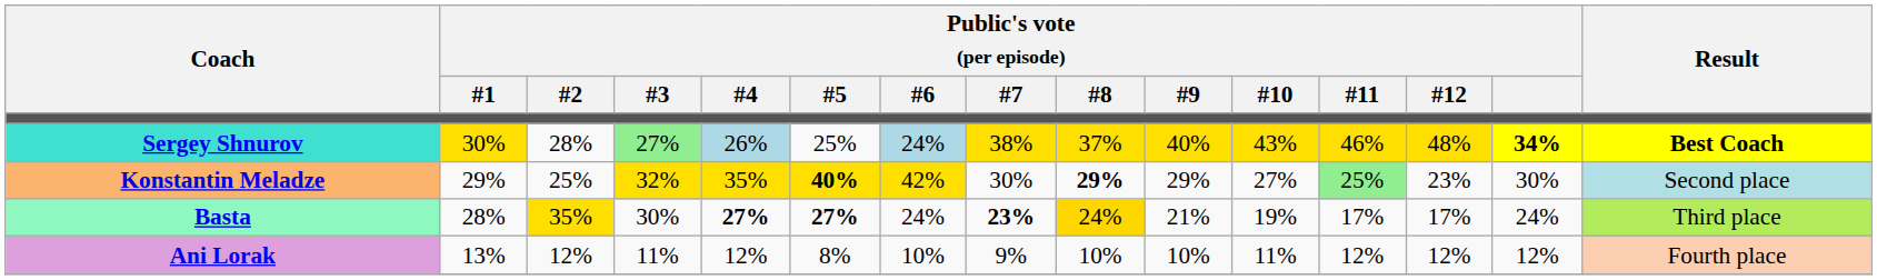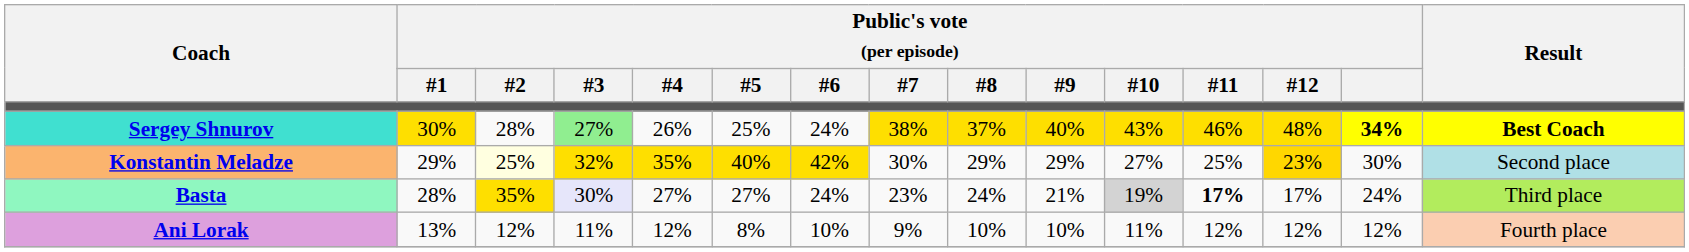 <table class="wikitable sortable" style="text-align:center; width:100%;">
 <tr>
 <th rowspan=2 style="width:15%;">Coach</th>
 <th colspan=13 style="width:10%;">Public's vote<br><sub>(per episode)</sub></th>
 <th rowspan=2 style="width:10%;">Result</th>
 </tr>
 <tr>
 <th style="width:3%;">#1</th>
 <th style="width:3%;">#2</th>
 <th style="width:3%;">#3</th>
 <th style="width:3%;">#4</th>
 <th style="width:3%;">#5</th>
 <th style="width:3%;">#6</th>
 <th style="width:3%;">#7</th>
 <th style="width:3%;">#8</th>
 <th style="width:3%;">#9</th>
 <th style="width:3%;">#10</th>
 <th style="width:3%;">#11</th>
 <th style="width:3%;">#12</th>
 <th style="width:3%;"></th>
 </tr>
 <tr>
 <td colspan="16" style="background:#555;"></td>
 </tr>
 <tr>
 <th style="background:turquoise;"><a href='#'>Sergey Shnurov</a></th>
 <td style="background:#fedf00;">30%</td>
 <td>28%</td>
 <td style="background: lightgreen;">27%</td>
-<td style="background: lightblue;">26%</td>
+<td>26%</td>
 <td>25%</td>
-<td style="background: lightblue;">24%</td>
+<td>24%</td>
 <td style="background:#fedf00;">38%</td>
 <td style="background:#fedf00;">37%</td>
 <td style="background:#fedf00;">40%</td>
 <td style="background:#fedf00;">43%</td>
 <td style="background:#fedf00;">46%</td>
 <td style="background:#fedf00;">48%</td>
 <td style="background:yellow;"><strong>34%</strong></td>
 <td style="background:yellow;"><strong>Best Coach</strong></td>
 </tr>
 <tr>
 <th style="background:#fbb46e;"><a href='#'>Konstantin Meladze</a></th>
 <td>29%</td>
-<td>25%</td>
+<td style="background: lightyellow;">25%</td>
 <td style="background:#fedf00;">32%</td>
 <td style="background:#fedf00;">35%</td>
-<td style="background:#fedf00;"><strong>40%</strong></td>
+<td style="background:#fedf00;">40%</td>
 <td style="background:#fedf00;">42%</td>
 <td>30%</td>
-<td><strong>29%</strong></td>
+<td>29%</td>
 <td>29%</td>
 <td>27%</td>
-<td style="background: lightgreen;">25%</td>
-<td>23%</td>
+<td>25%</td>
+<td style="background: gold;">23%</td>
 <td>30%</td>
 <td style="background:#B0E0E6;">Second place</td>
 </tr>
 <tr>
 <th style="background:#8ff7c0;"><a href='#'>Basta</a></th>
 <td>28%</td>
 <td style="background:#fedf00;">35%</td>
-<td>30%</td>
-<td><strong>27%</strong></td>
-<td><strong>27%</strong></td>
+<td style="background: lavender;">30%</td>
+<td>27%</td>
+<td>27%</td>
 <td>24%</td>
-<td><strong>23%</strong></td>
-<td style="background: gold;">24%</td>
+<td>23%</td>
+<td>24%</td>
 <td>21%</td>
-<td>19%</td>
-<td>17%</td>
+<td style="background: lightgrey;">19%</td>
+<td><strong>17%</strong></td>
 <td>17%</td>
 <td>24%</td>
 <td style="background:#B2EC5D;">Third place</td>
 </tr>
 <tr>
 <th style="background:#dda0dd;"><a href='#'>Ani Lorak</a></th>
 <td>13%</td>
 <td>12%</td>
 <td>11%</td>
 <td>12%</td>
 <td>8%</td>
 <td>10%</td>
 <td>9%</td>
 <td>10%</td>
 <td>10%</td>
 <td>11%</td>
 <td>12%</td>
 <td>12%</td>
 <td>12%</td>
 <td style="background:#FBCEB1;">Fourth place</td>
 </tr>
 <tr>
 </tr>
 </table>
